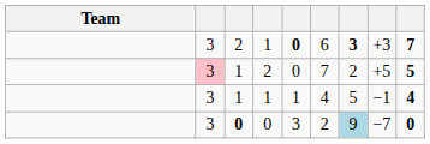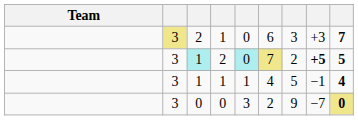 <table class="wikitable" style="text-align: center;">
 <tr>
 <th width=175>Team</th>
 <th width=20></th>
 <th width=20></th>
 <th width=20></th>
 <th width=20></th>
 <th width=20></th>
 <th width=20></th>
 <th width=20></th>
 <th width=20></th>
 </tr>
 <tr>
 <td style="text-align:left;"></td>
-<td>3</td>
+<td style="background: khaki;">3</td>
 <td>2</td>
 <td>1</td>
-<td><strong>0</strong></td>
+<td>0</td>
 <td>6</td>
-<td><strong>3</strong></td>
+<td>3</td>
 <td>+3</td>
 <td><strong>7</strong></td>
 </tr>
 <tr>
 <td style="text-align:left;"></td>
-<td style="background: pink;">3</td>
-<td>1</td>
+<td>3</td>
+<td style="background: paleturquoise;">1</td>
 <td>2</td>
-<td>0</td>
-<td>7</td>
+<td style="background: paleturquoise;">0</td>
+<td style="background: khaki;">7</td>
 <td>2</td>
-<td>+5</td>
+<td><strong>+5</strong></td>
 <td><strong>5</strong></td>
 </tr>
 <tr>
 <td style="text-align:left;"></td>
 <td>3</td>
 <td>1</td>
 <td>1</td>
 <td>1</td>
 <td>4</td>
 <td>5</td>
 <td>−1</td>
 <td><strong>4</strong></td>
 </tr>
 <tr>
 <td style="text-align:left;"></td>
 <td>3</td>
-<td><strong>0</strong></td>
+<td>0</td>
 <td>0</td>
 <td>3</td>
 <td>2</td>
-<td style="background: lightblue;">9</td>
+<td>9</td>
 <td>−7</td>
-<td><strong>0</strong></td>
+<td style="background: khaki;"><strong>0</strong></td>
 </tr>
 </table>
